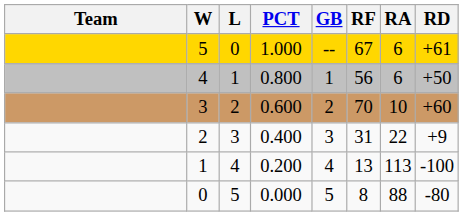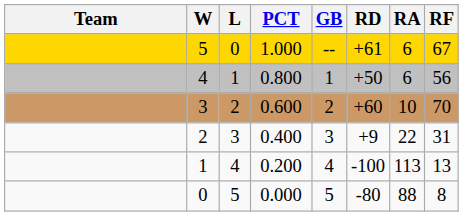 <table class=wikitable>
 <tr>
 <th width=150px>Team</th>
 <th width=20px>W</th>
 <th width=20px>L</th>
 <th width=45px><a href='#'>PCT</a></th>
 <th width=20px><a href='#'>GB</a></th>
+<th width=20px>RD</th>
+<th width=20px>RA</th>
 <th width=20px>RF</th>
-<th width=20px>RA</th>
-<th width=20px>RD</th>
 </tr>
 <tr align=center bgcolor=gold>
 <td align=left></td>
 <td>5</td>
 <td>0</td>
 <td>1.000</td>
 <td>--</td>
+<td>+61</td>
+<td>6</td>
 <td>67</td>
-<td>6</td>
-<td>+61</td>
 </tr>
 <tr align=center bgcolor=silver>
 <td align=left></td>
 <td>4</td>
 <td>1</td>
 <td>0.800</td>
 <td>1</td>
+<td>+50</td>
+<td>6</td>
 <td>56</td>
-<td>6</td>
-<td>+50</td>
 </tr>
 <tr align=center bgcolor=#cc9966>
 <td align=left></td>
 <td>3</td>
 <td>2</td>
 <td>0.600</td>
 <td>2</td>
+<td>+60</td>
+<td>10</td>
 <td>70</td>
-<td>10</td>
-<td>+60</td>
 </tr>
 <tr align=center>
 <td align=left></td>
 <td>2</td>
 <td>3</td>
 <td>0.400</td>
 <td>3</td>
+<td>+9</td>
+<td>22</td>
 <td>31</td>
-<td>22</td>
-<td>+9</td>
 </tr>
 <tr align=center>
 <td align=left></td>
 <td>1</td>
 <td>4</td>
 <td>0.200</td>
 <td>4</td>
+<td>-100</td>
+<td>113</td>
 <td>13</td>
-<td>113</td>
-<td>-100</td>
 </tr>
 <tr align=center>
 <td align=left></td>
 <td>0</td>
 <td>5</td>
 <td>0.000</td>
 <td>5</td>
+<td>-80</td>
+<td>88</td>
 <td>8</td>
-<td>88</td>
-<td>-80</td>
 </tr>
 </table>
